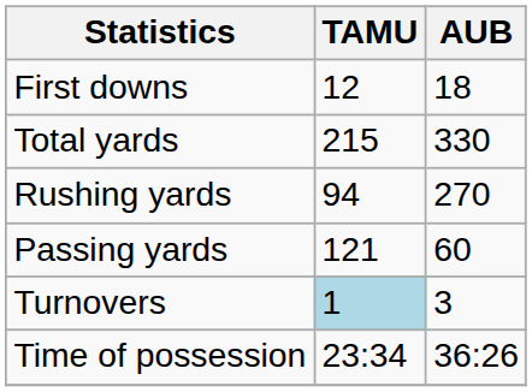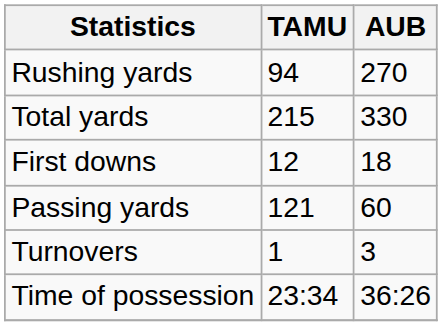 <table class="wikitable" style="float: left;">
 <tr>
 <th>Statistics</th>
 <th>TAMU</th>
 <th>AUB</th>
 </tr>
 <tr>
-<td>First downs</td>
-<td>12</td>
-<td>18</td>
+<td>Rushing yards</td>
+<td>94</td>
+<td>270</td>
 </tr>
 <tr>
 <td>Total yards</td>
 <td>215</td>
 <td>330</td>
 </tr>
 <tr>
-<td>Rushing yards</td>
-<td>94</td>
-<td>270</td>
+<td>First downs</td>
+<td>12</td>
+<td>18</td>
 </tr>
 <tr>
 <td>Passing yards</td>
 <td>121</td>
 <td>60</td>
 </tr>
 <tr>
 <td>Turnovers</td>
-<td style="background: lightblue;">1</td>
+<td>1</td>
 <td>3</td>
 </tr>
 <tr>
 <td>Time of possession</td>
 <td>23:34</td>
 <td>36:26</td>
 </tr>
 <tr>
 </tr>
 </table>
